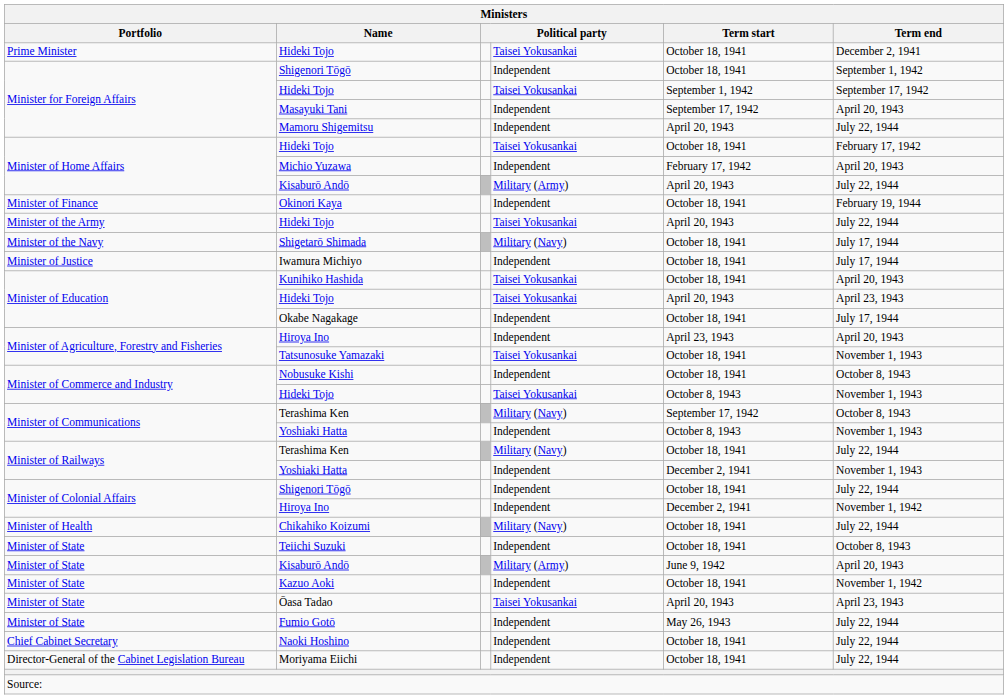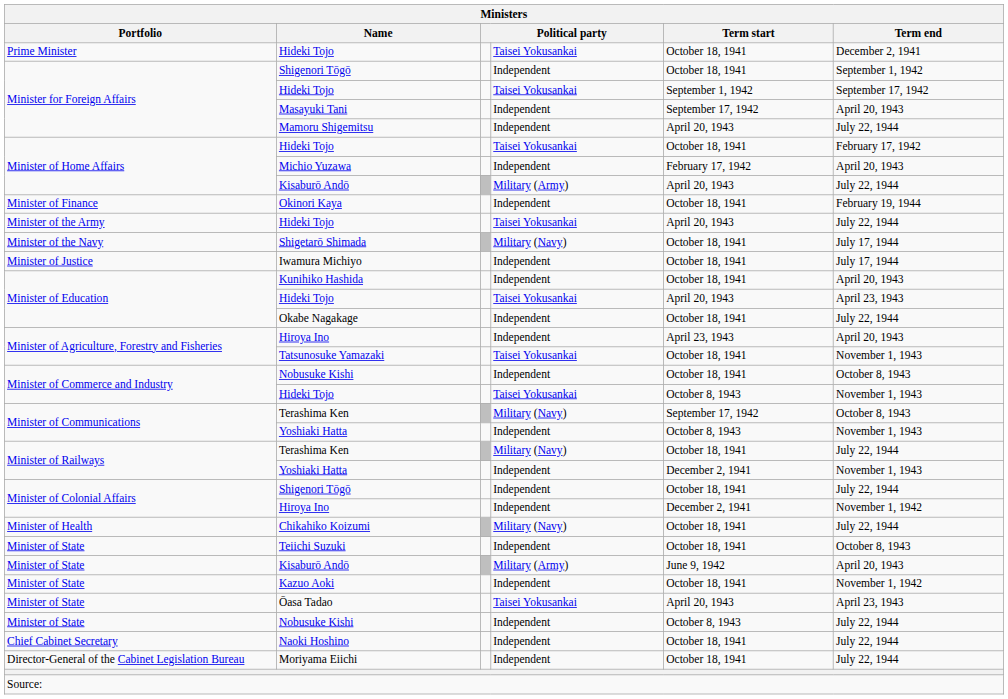 <table class="wikitable unsortable" style="font-size: 90%;">
 <tr>
 <th colspan="6">Ministers</th>
 </tr>
 <tr>
 <th scope="col" width="20%">Portfolio</th>
 <th scope="col" width="15%">Name</th>
 <th colspan="2" scope="col" width="13.5%">Political party</th>
 <th scope="col" width="12.5%">Term start</th>
 <th scope="col" width="12.5%">Term end</th>
 </tr>
 <tr>
 <td style="text-align: left;"><a href='#'>Prime Minister</a></td>
 <td><a href='#'>Hideki Tojo</a></td>
 <td style="color:inherit;background:"></td>
 <td><a href='#'>Taisei Yokusankai</a></td>
 <td>October 18, 1941</td>
 <td>December 2, 1941</td>
 </tr>
 <tr>
 <td rowspan="4"><a href='#'>Minister for Foreign Affairs</a></td>
 <td><a href='#'>Shigenori Tōgō</a></td>
 <td style="color:inherit;background:"></td>
 <td>Independent</td>
 <td>October 18, 1941</td>
 <td>September 1, 1942</td>
 </tr>
 <tr>
 <td><a href='#'>Hideki Tojo</a></td>
 <td style="color:inherit;background:"></td>
 <td><a href='#'>Taisei Yokusankai</a></td>
 <td>September 1, 1942</td>
 <td>September 17, 1942</td>
 </tr>
 <tr>
 <td><a href='#'>Masayuki Tani</a></td>
 <td style="color:inherit;background:"></td>
 <td>Independent</td>
 <td>September 17, 1942</td>
 <td>April 20, 1943</td>
 </tr>
 <tr>
 <td><a href='#'>Mamoru Shigemitsu</a></td>
 <td style="color:inherit;background:"></td>
 <td>Independent</td>
 <td>April 20, 1943</td>
 <td>July 22, 1944</td>
 </tr>
 <tr>
 <td rowspan="3"><a href='#'>Minister of Home Affairs</a></td>
 <td><a href='#'>Hideki Tojo</a></td>
 <td style="color:inherit;background:"></td>
 <td><a href='#'>Taisei Yokusankai</a></td>
 <td>October 18, 1941</td>
 <td>February 17, 1942</td>
 </tr>
 <tr>
 <td><a href='#'>Michio Yuzawa</a></td>
 <td style="color:inherit;background:"></td>
 <td>Independent</td>
 <td>February 17, 1942</td>
 <td>April 20, 1943</td>
 </tr>
 <tr>
 <td><a href='#'>Kisaburō Andō</a></td>
 <td style="color:inherit;background:#bfbfbf"></td>
 <td><a href='#'>Military</a> (<a href='#'>Army</a>)</td>
 <td>April 20, 1943</td>
 <td>July 22, 1944</td>
 </tr>
 <tr>
 <td><a href='#'>Minister of Finance</a></td>
 <td><a href='#'>Okinori Kaya</a></td>
 <td style="color:inherit;background:"></td>
 <td>Independent</td>
 <td>October 18, 1941</td>
 <td>February 19, 1944</td>
 </tr>
 <tr>
 <td><a href='#'>Minister of the Army</a></td>
 <td><a href='#'>Hideki Tojo</a></td>
 <td style="color:inherit;background:"></td>
 <td><a href='#'>Taisei Yokusankai</a></td>
 <td>April 20, 1943</td>
 <td>July 22, 1944</td>
 </tr>
 <tr>
 <td><a href='#'>Minister of the Navy</a></td>
 <td><a href='#'>Shigetarō Shimada</a></td>
 <td style="color:inherit;background:#bfbfbf"></td>
 <td><a href='#'>Military</a> (<a href='#'>Navy</a>)</td>
 <td>October 18, 1941</td>
 <td>July 17, 1944</td>
 </tr>
 <tr>
 <td><a href='#'>Minister of Justice</a></td>
 <td>Iwamura Michiyo</td>
 <td style="color:inherit;background:"></td>
 <td>Independent</td>
 <td>October 18, 1941</td>
 <td>July 17, 1944</td>
 </tr>
 <tr>
 <td rowspan="3"><a href='#'>Minister of Education</a></td>
 <td><a href='#'>Kunihiko Hashida</a></td>
 <td style="color:inherit;background:"></td>
-<td><a href='#'>Taisei Yokusankai</a></td>
+<td>Independent</td>
 <td>October 18, 1941</td>
 <td>April 20, 1943</td>
 </tr>
 <tr>
 <td><a href='#'>Hideki Tojo</a></td>
 <td style="color:inherit;background:"></td>
 <td><a href='#'>Taisei Yokusankai</a></td>
 <td>April 20, 1943</td>
 <td>April 23, 1943</td>
 </tr>
 <tr>
 <td>Okabe Nagakage</td>
 <td style="color:inherit;background:"></td>
 <td>Independent</td>
 <td>October 18, 1941</td>
-<td>July 17, 1944</td>
+<td>July 22, 1944</td>
 </tr>
 <tr>
 <td rowspan="2"><a href='#'>Minister of Agriculture, Forestry and Fisheries</a></td>
 <td><a href='#'>Hiroya Ino</a></td>
 <td style="color:inherit;background:"></td>
 <td>Independent</td>
 <td>April 23, 1943</td>
 <td>April 20, 1943</td>
 </tr>
 <tr>
 <td><a href='#'>Tatsunosuke Yamazaki</a></td>
 <td style="color:inherit;background:"></td>
 <td><a href='#'>Taisei Yokusankai</a></td>
 <td>October 18, 1941</td>
 <td>November 1, 1943</td>
 </tr>
 <tr>
 <td rowspan="2"><a href='#'>Minister of Commerce and Industry</a></td>
 <td><a href='#'>Nobusuke Kishi</a></td>
 <td style="color:inherit;background:"></td>
 <td>Independent</td>
 <td>October 18, 1941</td>
 <td>October 8, 1943</td>
 </tr>
 <tr>
 <td><a href='#'>Hideki Tojo</a></td>
 <td style="color:inherit;background:"></td>
 <td><a href='#'>Taisei Yokusankai</a></td>
 <td>October 8, 1943</td>
 <td>November 1, 1943</td>
 </tr>
 <tr>
 <td rowspan="2"><a href='#'>Minister of Communications</a></td>
 <td>Terashima Ken</td>
 <td style="color:inherit;background:#bfbfbf"></td>
 <td><a href='#'>Military</a> (<a href='#'>Navy</a>)</td>
 <td>September 17, 1942</td>
 <td>October 8, 1943</td>
 </tr>
 <tr>
 <td><a href='#'>Yoshiaki Hatta</a></td>
 <td style="color:inherit;background:"></td>
 <td>Independent</td>
 <td>October 8, 1943</td>
 <td>November 1, 1943</td>
 </tr>
 <tr>
 <td rowspan="2"><a href='#'>Minister of Railways</a></td>
 <td>Terashima Ken</td>
 <td style="color:inherit;background:#bfbfbf"></td>
 <td><a href='#'>Military</a> (<a href='#'>Navy</a>)</td>
 <td>October 18, 1941</td>
 <td>July 22, 1944</td>
 </tr>
 <tr>
 <td><a href='#'>Yoshiaki Hatta</a></td>
 <td style="color:inherit;background:"></td>
 <td>Independent</td>
 <td>December 2, 1941</td>
 <td>November 1, 1943</td>
 </tr>
 <tr>
 <td rowspan="2"><a href='#'>Minister of Colonial Affairs</a></td>
 <td><a href='#'>Shigenori Tōgō</a></td>
 <td style="color:inherit;background:"></td>
 <td>Independent</td>
 <td>October 18, 1941</td>
 <td>July 22, 1944</td>
 </tr>
 <tr>
 <td><a href='#'>Hiroya Ino</a></td>
 <td style="color:inherit;background:"></td>
 <td>Independent</td>
 <td>December 2, 1941</td>
 <td>November 1, 1942</td>
 </tr>
 <tr>
 <td><a href='#'>Minister of Health</a></td>
 <td><a href='#'>Chikahiko Koizumi</a></td>
 <td style="color:inherit;background:#bfbfbf"></td>
 <td><a href='#'>Military</a> (<a href='#'>Navy</a>)</td>
 <td>October 18, 1941</td>
 <td>July 22, 1944</td>
 </tr>
 <tr>
 <td><a href='#'>Minister of State</a></td>
 <td><a href='#'>Teiichi Suzuki</a></td>
 <td style="color:inherit;background:"></td>
 <td>Independent</td>
 <td>October 18, 1941</td>
 <td>October 8, 1943</td>
 </tr>
 <tr>
 <td><a href='#'>Minister of State</a></td>
 <td><a href='#'>Kisaburō Andō</a></td>
 <td style="color:inherit;background:#bfbfbf"></td>
 <td><a href='#'>Military</a> (<a href='#'>Army</a>)</td>
 <td>June 9, 1942</td>
 <td>April 20, 1943</td>
 </tr>
 <tr>
 <td><a href='#'>Minister of State</a></td>
 <td><a href='#'>Kazuo Aoki</a></td>
 <td style="color:inherit;background:"></td>
 <td>Independent</td>
 <td>October 18, 1941</td>
 <td>November 1, 1942</td>
 </tr>
 <tr>
 <td><a href='#'>Minister of State</a></td>
 <td>Ōasa Tadao</td>
 <td style="color:inherit;background:"></td>
 <td><a href='#'>Taisei Yokusankai</a></td>
 <td>April 20, 1943</td>
 <td>April 23, 1943</td>
 </tr>
 <tr>
 <td><a href='#'>Minister of State</a></td>
-<td><a href='#'>Fumio Gotō</a></td>
+<td><a href='#'>Nobusuke Kishi</a></td>
 <td style="color:inherit;background:"></td>
 <td>Independent</td>
-<td>May 26, 1943</td>
+<td>October 8, 1943</td>
 <td>July 22, 1944</td>
 </tr>
 <tr>
 <td><a href='#'>Chief Cabinet Secretary</a></td>
 <td><a href='#'>Naoki Hoshino</a></td>
 <td style="color:inherit;background:"></td>
 <td>Independent</td>
 <td>October 18, 1941</td>
 <td>July 22, 1944</td>
 </tr>
 <tr>
 <td>Director-General of the <a href='#'>Cabinet Legislation Bureau</a></td>
 <td>Moriyama Eiichi</td>
 <td style="color:inherit;background:"></td>
 <td>Independent</td>
 <td>October 18, 1941</td>
 <td>July 22, 1944</td>
 </tr>
 <tr>
 <th colspan="6"></th>
 </tr>
 <tr>
 <td colspan="6">Source:</td>
 </tr>
 </table>
